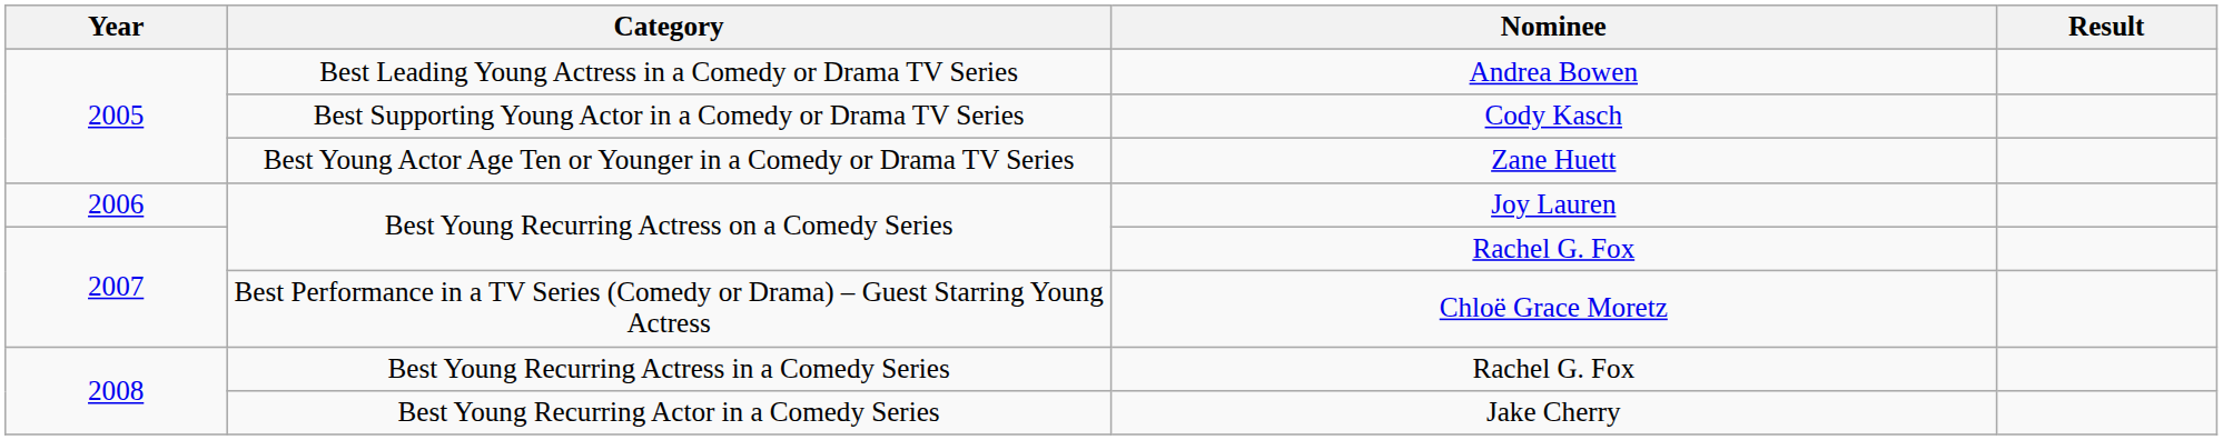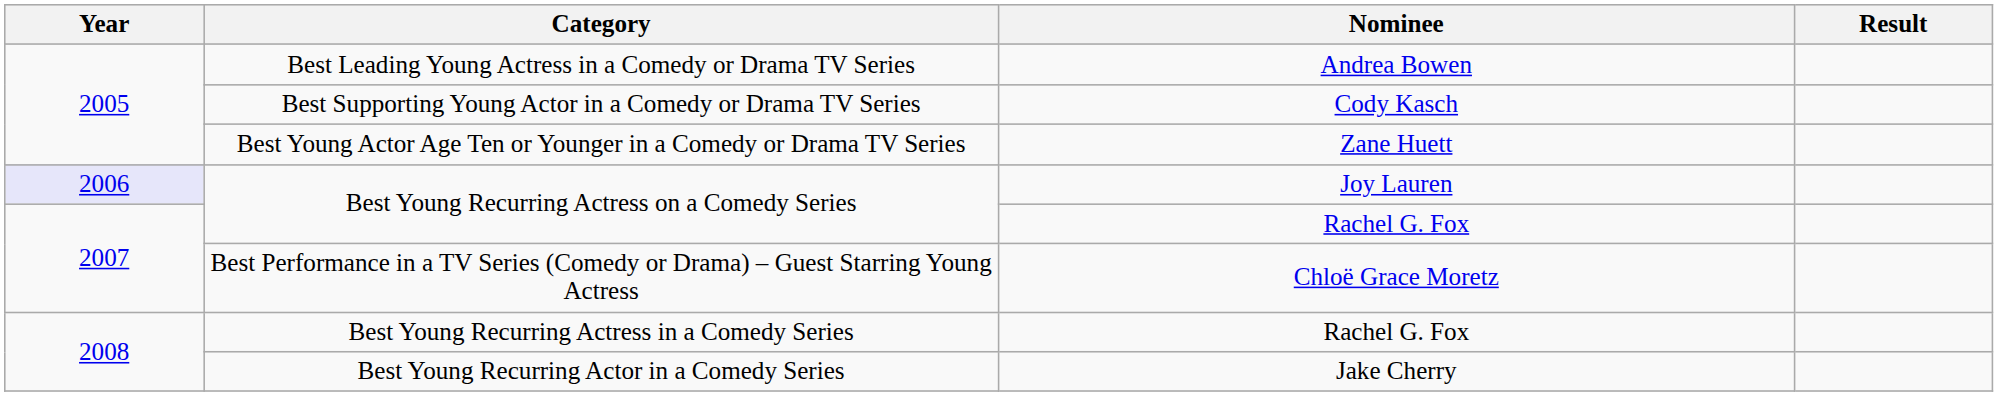 <table class="wikitable" width="80%">
 <tr>
 <th width="10%">Year</th>
 <th width="40%">Category</th>
 <th width="40%">Nominee</th>
 <th width="10%">Result</th>
 </tr>
 <tr>
 <td rowspan="3" align="center"><a href='#'>2005</a></td>
 <td align="center">Best Leading Young Actress in a Comedy or Drama TV Series</td>
 <td align="center"><a href='#'>Andrea Bowen</a></td>
 <td></td>
 </tr>
 <tr>
 <td align="center">Best Supporting Young Actor in a Comedy or Drama TV Series</td>
 <td align="center"><a href='#'>Cody Kasch</a></td>
 <td></td>
 </tr>
 <tr>
 <td align="center">Best Young Actor Age Ten or Younger in a Comedy or Drama TV Series</td>
 <td align="center"><a href='#'>Zane Huett</a></td>
 <td></td>
 </tr>
 <tr>
-<td align="center"><a href='#'>2006</a></td>
+<td align="center" style="background: lavender;"><a href='#'>2006</a></td>
 <td rowspan="2" align="center">Best Young Recurring Actress on a Comedy Series</td>
 <td align="center"><a href='#'>Joy Lauren</a></td>
 <td></td>
 </tr>
 <tr>
 <td rowspan="2" align="center"><a href='#'>2007</a></td>
 <td align="center"><a href='#'>Rachel G. Fox</a></td>
 <td></td>
 </tr>
 <tr>
 <td align="center">Best Performance in a TV Series (Comedy or Drama) – Guest Starring Young Actress</td>
 <td align="center"><a href='#'>Chloë Grace Moretz</a></td>
 <td></td>
 </tr>
 <tr>
 <td rowspan="2" align="center"><a href='#'>2008</a></td>
 <td align="center">Best Young Recurring Actress in a Comedy Series</td>
 <td align="center">Rachel G. Fox</td>
 <td></td>
 </tr>
 <tr>
 <td align="center">Best Young Recurring Actor in a Comedy Series</td>
 <td align="center">Jake Cherry</td>
 <td></td>
 </tr>
 </table>
